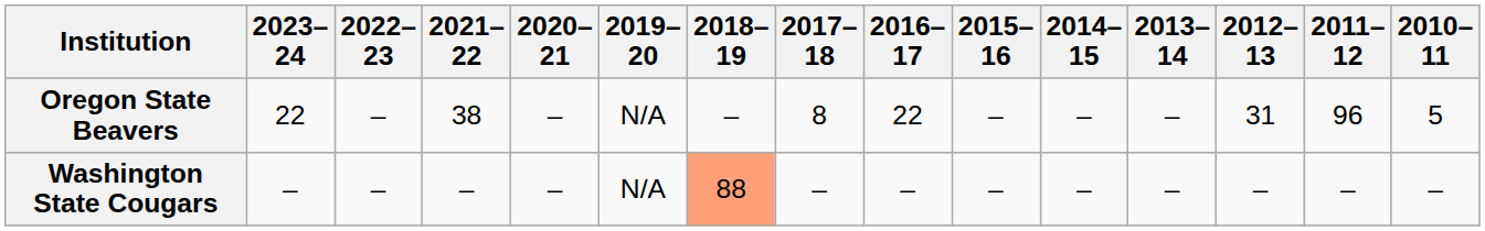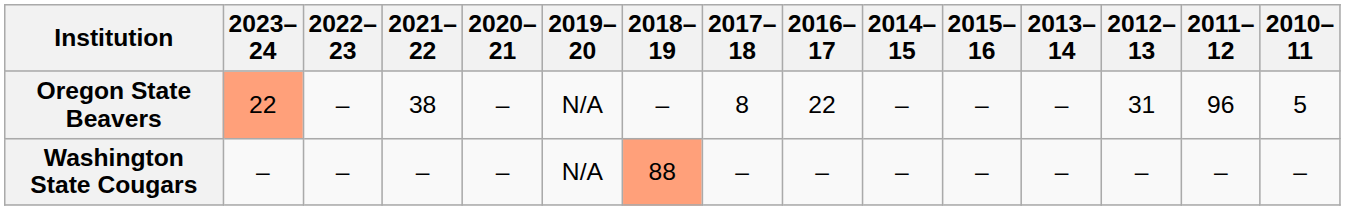 <table class="wikitable sortable" style="text-align: center;">
 <tr>
 <th scope="col">Institution</th>
 <th>2023–<br>24</th>
 <th>2022–<br>23</th>
 <th scope="col">2021–<br>22</th>
 <th scope="col">2020–<br>21</th>
 <th scope="col">2019–<br>20</th>
 <th scope="col">2018–<br>19</th>
 <th scope="col">2017–<br>18</th>
 <th scope="col">2016–<br>17</th>
+<th scope="col">2014–<br>15</th>
 <th scope="col">2015–<br>16</th>
-<th scope="col">2014–<br>15</th>
 <th scope="col">2013–<br>14</th>
 <th scope="col">2012–<br>13</th>
 <th scope="col">2011–<br>12</th>
 <th>2010–<br>11</th>
 </tr>
 <tr>
 <th>Oregon State Beavers</th>
-<td>22</td>
+<td style="background: lightsalmon;">22</td>
 <td>–</td>
 <td>38</td>
 <td>–</td>
 <td>N/A</td>
 <td>–</td>
 <td>8</td>
 <td>22</td>
 <td>–</td>
 <td>–</td>
 <td>–</td>
 <td>31</td>
 <td>96</td>
 <td>5</td>
 </tr>
 <tr>
 <th>Washington State Cougars</th>
 <td>–</td>
 <td>–</td>
 <td>–</td>
 <td>–</td>
 <td>N/A</td>
 <td style="background: lightsalmon;">88</td>
 <td>–</td>
 <td>–</td>
 <td>–</td>
 <td>–</td>
 <td>–</td>
 <td>–</td>
 <td>–</td>
 <td>–</td>
 </tr>
 </table>
